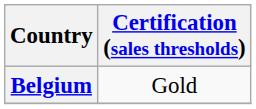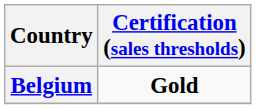 <table class="wikitable sortable plainrowheaders" style="text-align:center">
 <tr>
 <th scope="col">Country</th>
 <th scope="col"><a href='#'>Certification</a><br>(<small><a href='#'>sales thresholds</a></small>)</th>
 </tr>
 <tr>
 <th scope="row"><a href='#'>Belgium</a></th>
-<td>Gold</td>
+<td><strong>Gold</strong></td>
 </tr>
 <tr>
 </tr>
 </table>
